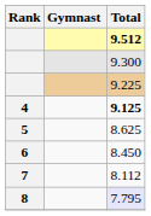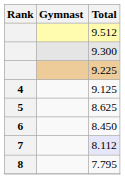 <table class="wikitable sortable" style="text-align:center; font-size:95%">
 <tr>
 <th scope=col>Rank</th>
 <th scope=col>Gymnast </th>
 <th scope=col>Total</th>
 </tr>
 <tr bgcolor=fffcaf>
 <th scope=row style="text-align:center"></th>
 <td align=left> </td>
-<td><strong>9.512</strong></td>
+<td>9.512</td>
 </tr>
 <tr bgcolor=e5e5e5>
 <th scope=row style="text-align:center"></th>
 <td align=left> </td>
 <td>9.300</td>
 </tr>
 <tr bgcolor=eecc99>
 <th scope=row style="text-align:center"></th>
 <td align=left> </td>
 <td>9.225</td>
 </tr>
 <tr>
 <th scope=row style="text-align:center">4</th>
 <td align=left> </td>
-<td><strong>9.125</strong></td>
+<td>9.125</td>
 </tr>
 <tr>
 <th scope=row style="text-align:center">5</th>
 <td align=left> </td>
 <td>8.625</td>
 </tr>
 <tr>
 <th scope=row style="text-align:center">6</th>
 <td align=left> </td>
 <td>8.450</td>
 </tr>
 <tr>
 <th scope=row style="text-align:center">7</th>
 <td align=left> </td>
-<td>8.112</td>
+<td style="background: lavender;">8.112</td>
 </tr>
 <tr>
 <th scope=row style="text-align:center">8</th>
 <td align=left> </td>
-<td style="background: lavender;">7.795</td>
+<td>7.795</td>
 </tr>
 <tr>
 </tr>
 </table>
